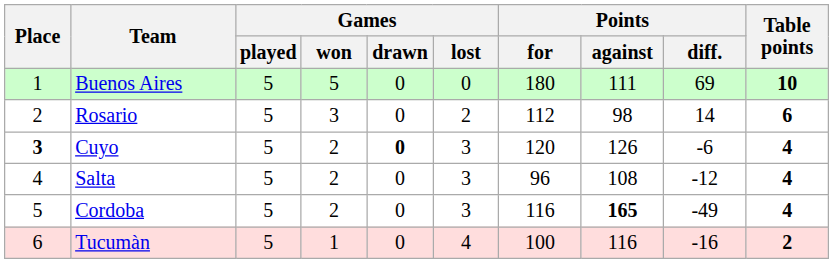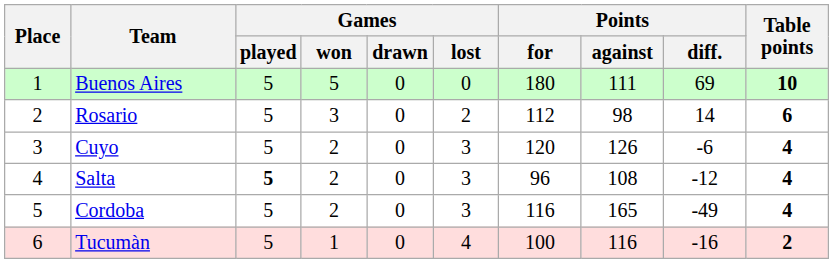 <table class="wikitable">
 <tr>
 <th rowspan=2 width="8%">Place</th>
 <th rowspan=2 width="20%">Team</th>
 <th colspan=4 width="32%">Games</th>
 <th colspan=3 width="30%">Points</th>
 <th rowspan=2 width="10%">Table<br>points</th>
 </tr>
 <tr>
 <th width="8%">played</th>
 <th width="8%">won</th>
 <th width="8%">drawn</th>
 <th width="8%">lost</th>
 <th width="10%">for</th>
 <th width="10%">against</th>
 <th width="10%">diff.</th>
 </tr>
 <tr align=center style="background: #ccffcc;">
 <td>1</td>
 <td align=left><a href='#'>Buenos Aires</a></td>
 <td>5</td>
 <td>5</td>
 <td>0</td>
 <td>0</td>
 <td>180</td>
 <td>111</td>
 <td>69</td>
 <td><strong>10</strong></td>
 </tr>
 <tr align=center style="background: #ffffff;">
 <td>2</td>
 <td align=left><a href='#'>Rosario</a></td>
 <td>5</td>
 <td>3</td>
 <td>0</td>
 <td>2</td>
 <td>112</td>
 <td>98</td>
 <td>14</td>
 <td><strong>6</strong></td>
 </tr>
 <tr align=center style="background: #ffffff;">
-<td><strong>3</strong></td>
+<td>3</td>
 <td align=left><a href='#'>Cuyo</a></td>
 <td>5</td>
 <td>2</td>
-<td><strong>0</strong></td>
+<td>0</td>
 <td>3</td>
 <td>120</td>
 <td>126</td>
 <td>-6</td>
 <td><strong>4</strong></td>
 </tr>
 <tr align=center style="background: #ffffff;">
 <td>4</td>
 <td align=left><a href='#'>Salta</a></td>
-<td>5</td>
+<td><strong>5</strong></td>
 <td>2</td>
 <td>0</td>
 <td>3</td>
 <td>96</td>
 <td>108</td>
 <td>-12</td>
 <td><strong>4</strong></td>
 </tr>
 <tr align=center style="background: #ffffff;">
 <td>5</td>
 <td align=left><a href='#'>Cordoba</a></td>
 <td>5</td>
 <td>2</td>
 <td>0</td>
 <td>3</td>
 <td>116</td>
-<td><strong>165</strong></td>
+<td>165</td>
 <td>-49</td>
 <td><strong>4</strong></td>
 </tr>
 <tr align=center style="background: #ffdddd;">
 <td>6</td>
 <td align=left><a href='#'>Tucumàn</a></td>
 <td>5</td>
 <td>1</td>
 <td>0</td>
 <td>4</td>
 <td>100</td>
 <td>116</td>
 <td>-16</td>
 <td><strong>2</strong></td>
 </tr>
 </table>
